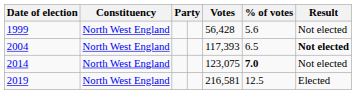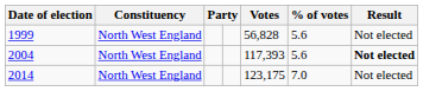 <table class="wikitable">
 <tr>
 <th>Date of election</th>
 <th>Constituency</th>
 <th colspan="2">Party</th>
 <th>Votes</th>
 <th>% of votes</th>
 <th>Result</th>
 </tr>
 <tr>
 <td><a href='#'>1999</a></td>
 <td><a href='#'>North West England</a></td>
 <td style="background-color: "></td>
 <td><a href='#'></a></td>
-<td>56,428</td>
+<td>56,828</td>
 <td>5.6</td>
 <td>Not elected</td>
 </tr>
 <tr>
 <td><a href='#'>2004</a></td>
 <td><a href='#'>North West England</a></td>
 <td style="background-color: "></td>
 <td><a href='#'></a></td>
 <td>117,393</td>
-<td>6.5</td>
+<td>5.6</td>
 <td><strong>Not elected</strong></td>
 </tr>
 <tr>
 <td><a href='#'>2014</a></td>
 <td><a href='#'>North West England</a></td>
 <td style="background-color: "></td>
 <td><a href='#'></a></td>
-<td>123,075</td>
-<td><strong>7.0</strong></td>
+<td>123,175</td>
+<td>7.0</td>
 <td>Not elected</td>
 </tr>
-<tr>
-<td><a href='#'>2019</a></td>
-<td><a href='#'>North West England</a></td>
-<td style="background-color: "></td>
-<td><a href='#'></a></td>
-<td>216,581</td>
-<td>12.5</td>
-<td>Elected</td>
-</tr>
 </table>
